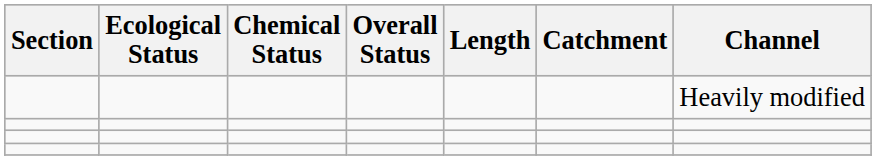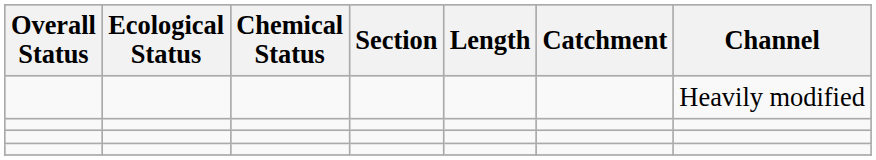 <table class="wikitable">
 <tr>
-<th>Section</th>
+<th>Overall<br>Status</th>
 <th>Ecological<br>Status</th>
 <th>Chemical<br>Status</th>
-<th>Overall<br>Status</th>
+<th>Section</th>
 <th>Length</th>
 <th>Catchment</th>
 <th>Channel</th>
 </tr>
 <tr>
 <td></td>
 <td></td>
 <td></td>
 <td></td>
 <td></td>
 <td></td>
 <td>Heavily modified</td>
 </tr>
 <tr>
 <td></td>
 <td></td>
 <td></td>
 <td></td>
 <td></td>
 <td></td>
 <td></td>
 </tr>
 <tr>
 <td></td>
 <td></td>
 <td></td>
 <td></td>
 <td></td>
 <td></td>
 <td></td>
 </tr>
 <tr>
 <td></td>
 <td></td>
 <td></td>
 <td></td>
 <td></td>
 <td></td>
 <td></td>
 </tr>
 </table>
